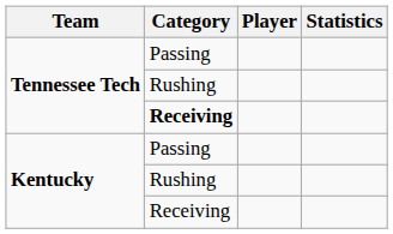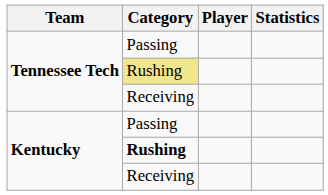 <table class="wikitable" style="float: right;">
 <tr>
 <th>Team</th>
 <th>Category</th>
 <th>Player</th>
 <th>Statistics</th>
 </tr>
 <tr>
 <td rowspan=3><strong>Tennessee Tech</strong></td>
 <td>Passing</td>
 <td></td>
 <td></td>
 </tr>
 <tr>
-<td>Rushing</td>
+<td style="background: khaki;">Rushing</td>
 <td></td>
 <td></td>
 </tr>
 <tr>
-<td><strong>Receiving</strong></td>
+<td>Receiving</td>
 <td></td>
 <td></td>
 </tr>
 <tr>
 <td rowspan=3><strong>Kentucky</strong></td>
 <td>Passing</td>
 <td></td>
 <td></td>
 </tr>
 <tr>
-<td>Rushing</td>
+<td><strong>Rushing</strong></td>
 <td></td>
 <td></td>
 </tr>
 <tr>
 <td>Receiving</td>
 <td></td>
 <td></td>
 </tr>
 </table>
